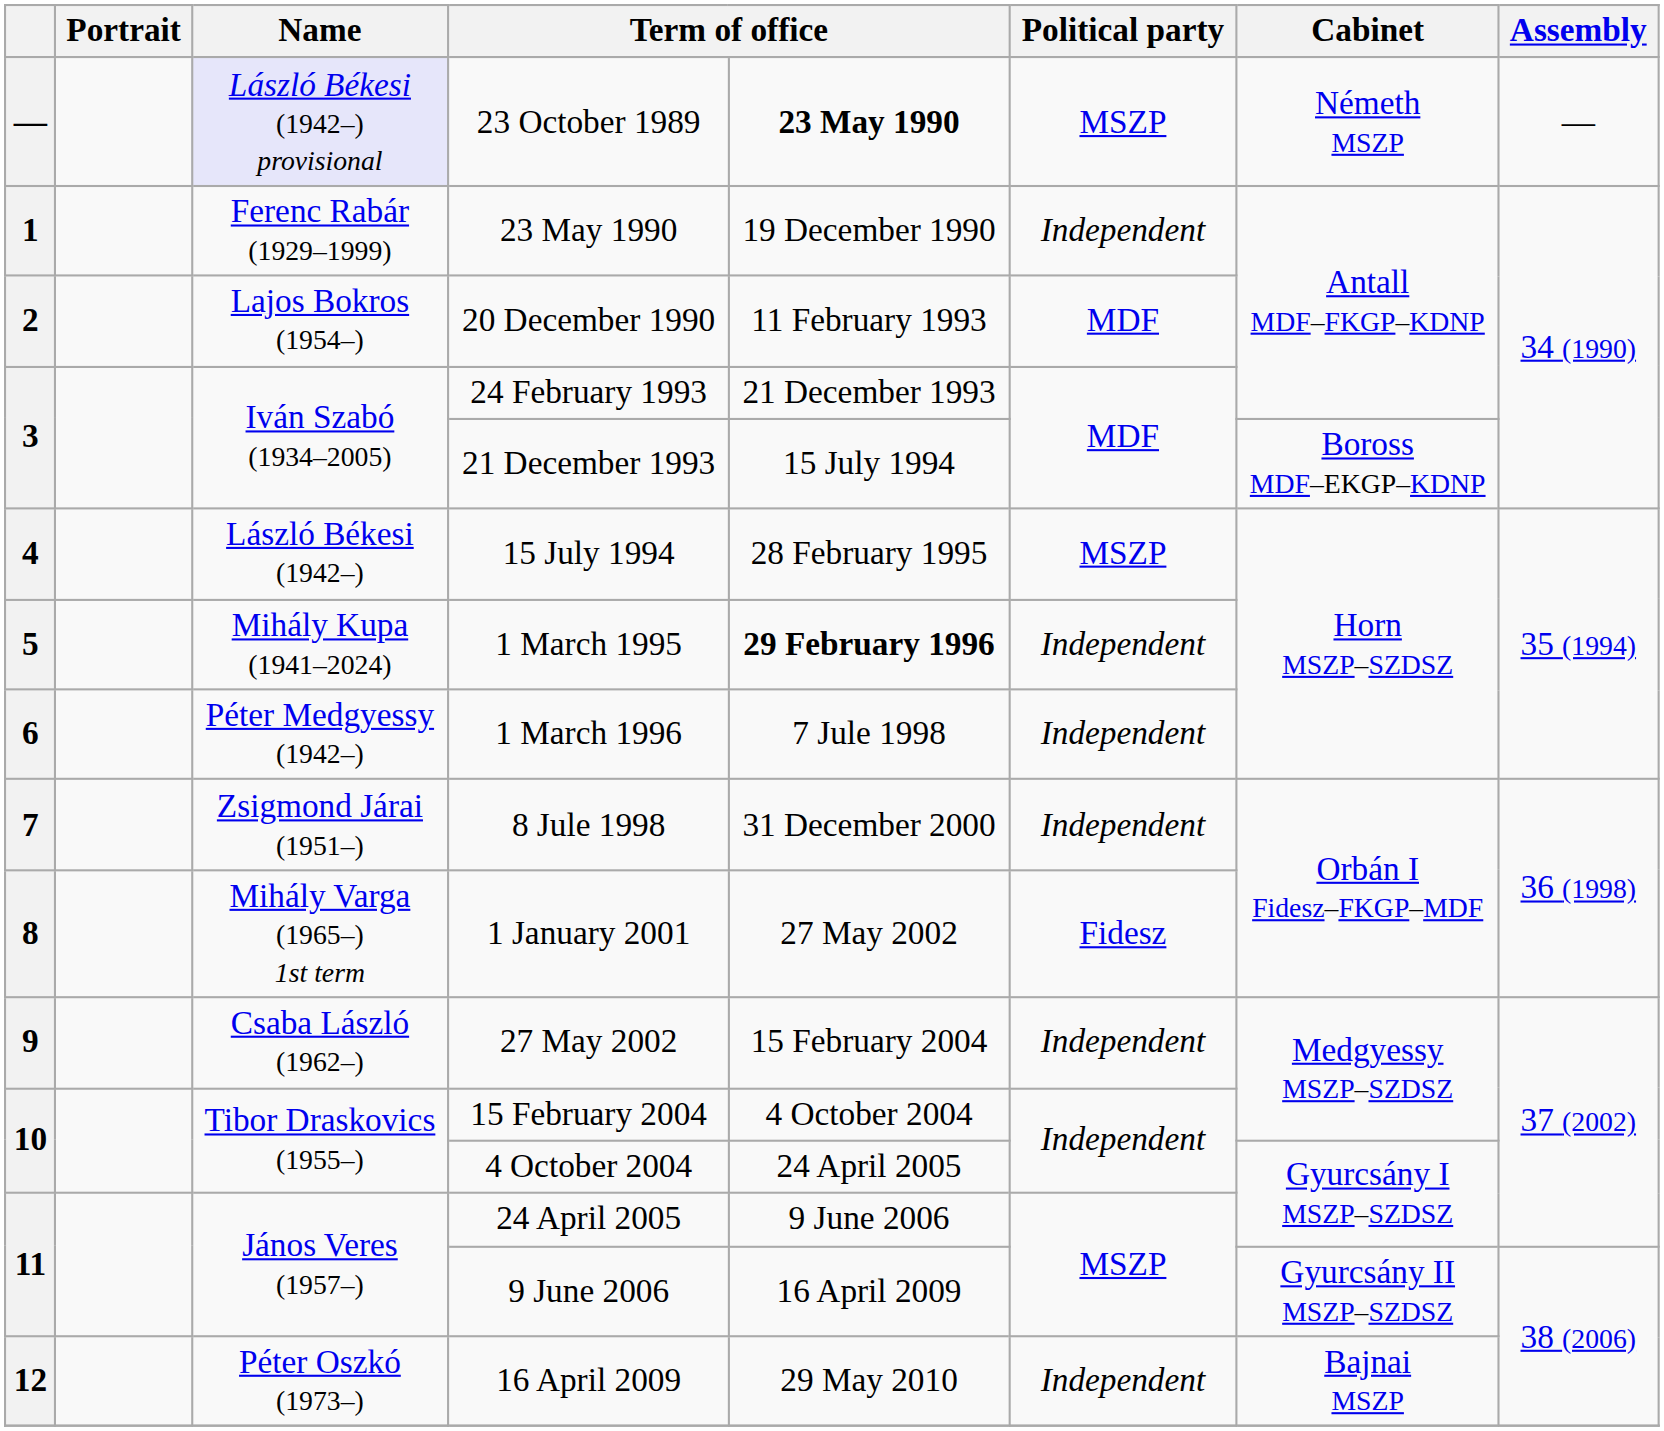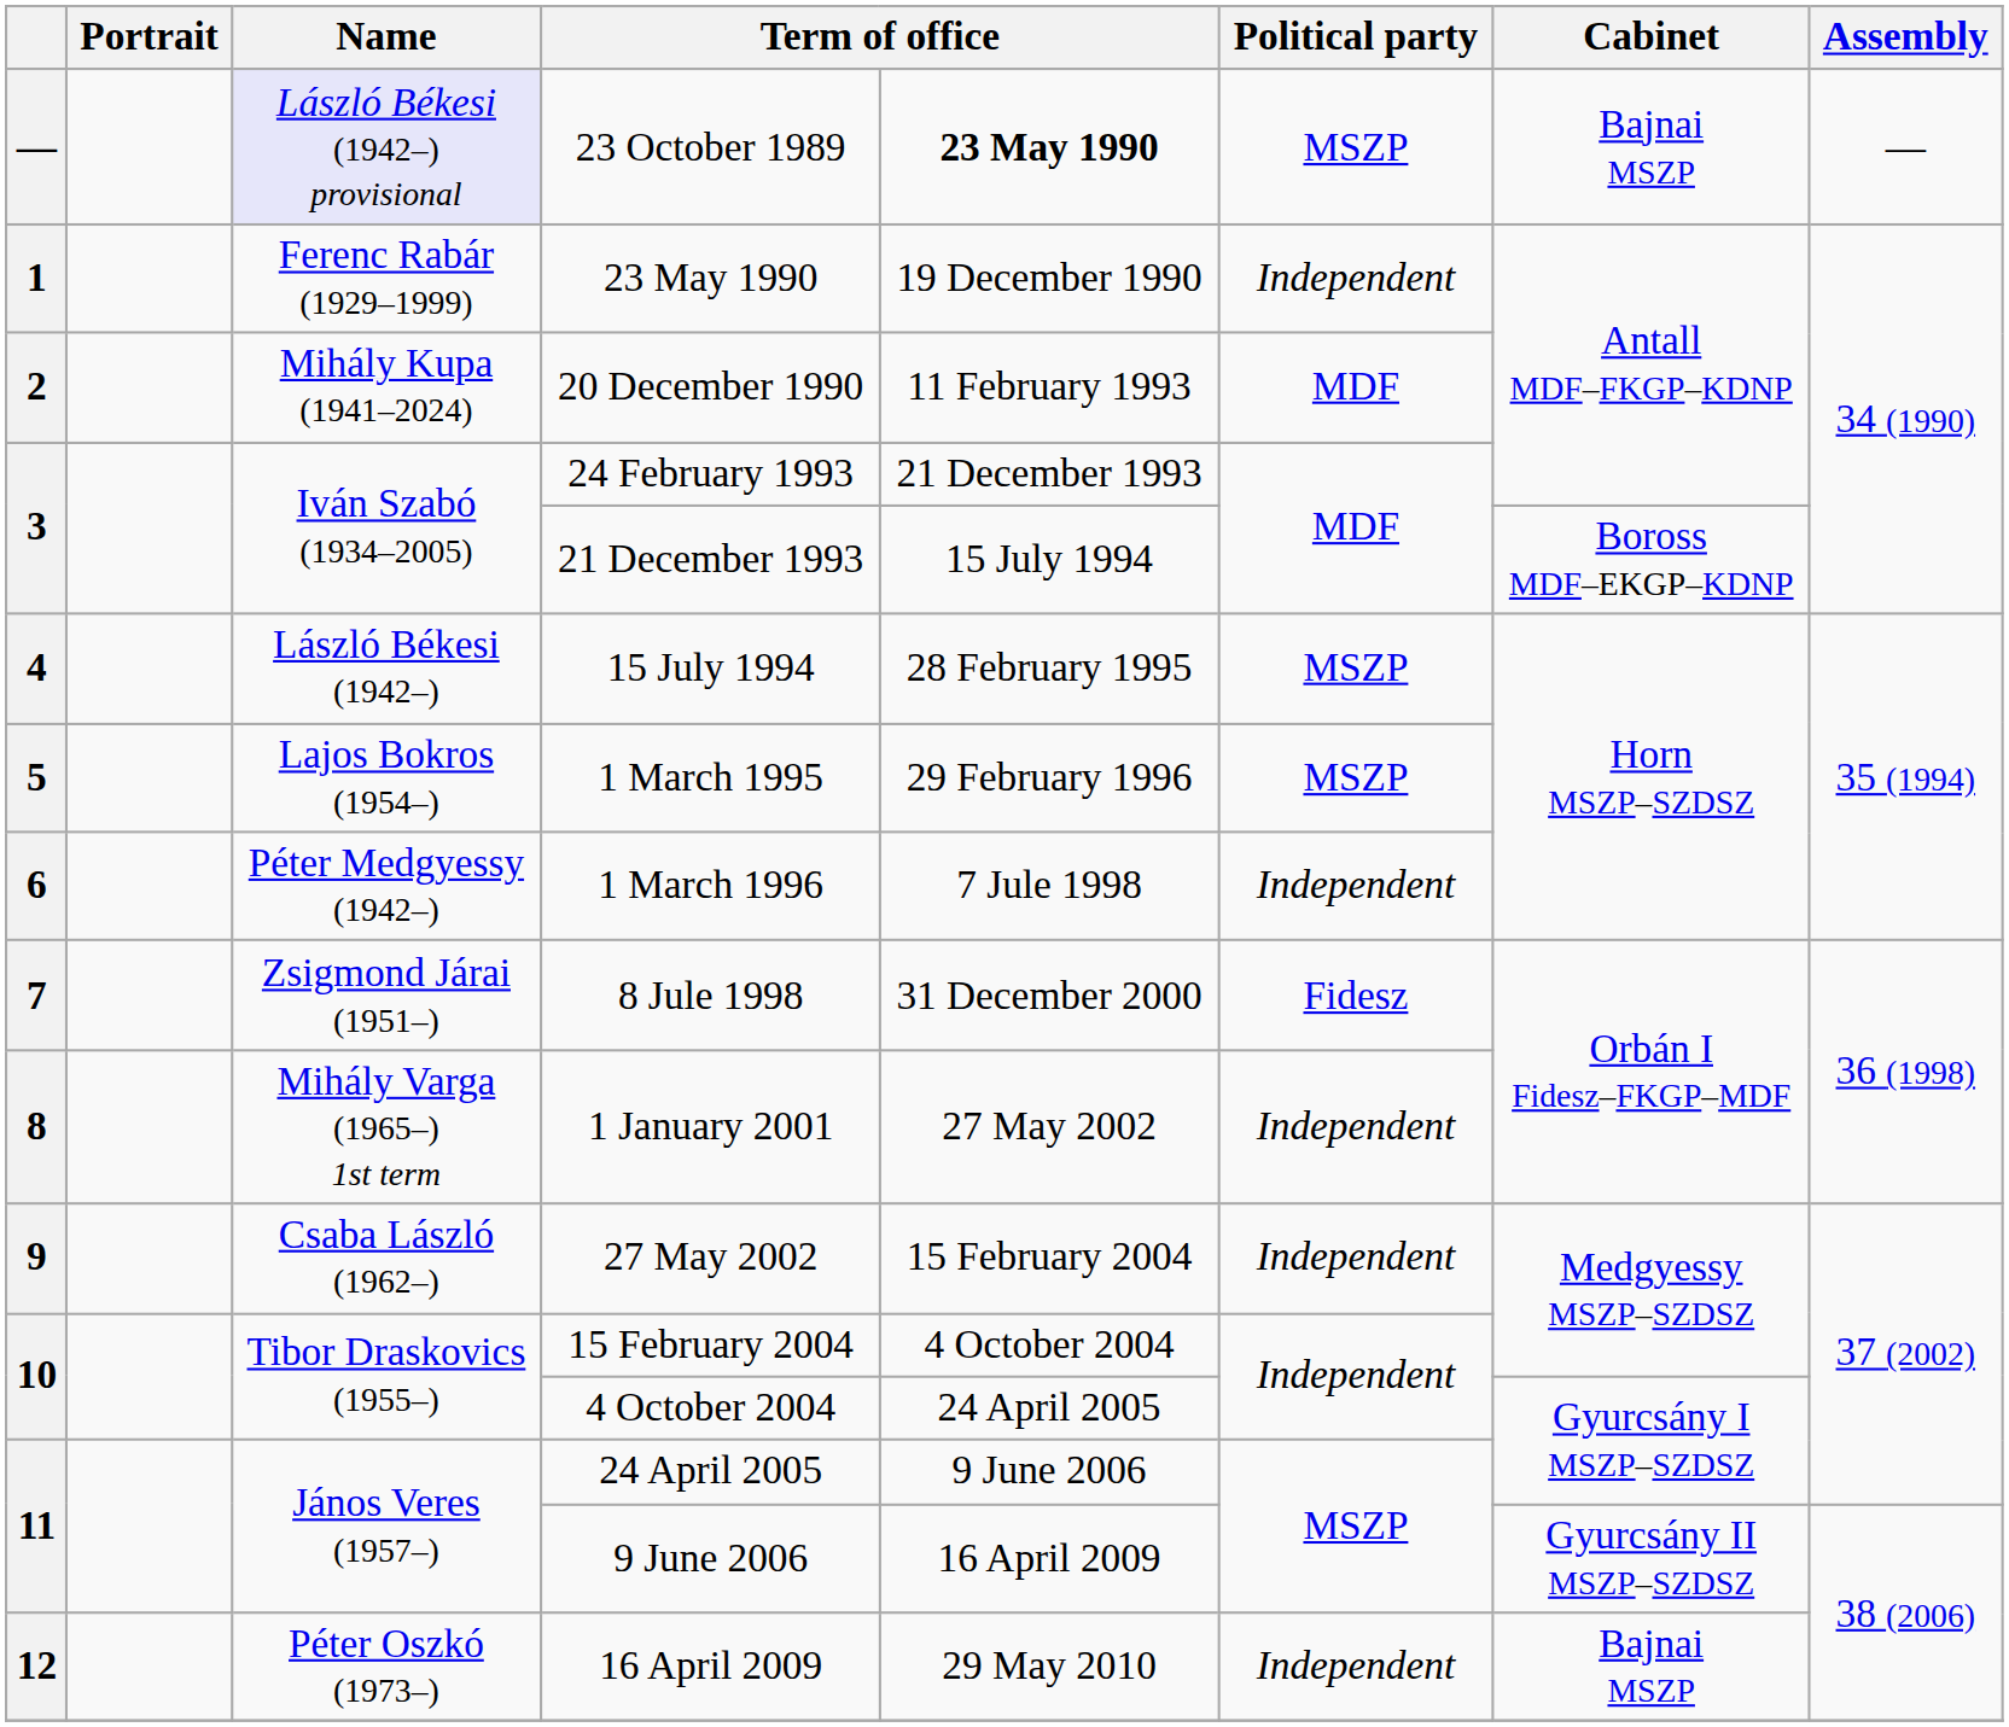 <table class="wikitable" style="width:90%; text-align:center;">
 <tr>
 <th></th>
 <th>Portrait</th>
 <th>Name<br></th>
 <th colspan=2>Term of office</th>
 <th>Political party</th>
 <th>Cabinet</th>
 <th><a href='#'>Assembly</a><br></th>
 </tr>
 <tr>
 <th style="background:">—</th>
 <td></td>
 <td style="background: lavender;"><em><a href='#'>László Békesi</a></em><br><small>(1942–)<br><em>provisional</em></small></td>
 <td>23 October 1989</td>
 <td><strong>23 May 1990</strong></td>
 <td><a href='#'>MSZP</a></td>
-<td><a href='#'>Németh</a><br><small><a href='#'>MSZP</a></small></td>
+<td><a href='#'>Bajnai</a><br><small><a href='#'>MSZP</a></small></td>
 <td>—</td>
 </tr>
 <tr>
 <th style="background:">1</th>
 <td></td>
 <td><a href='#'>Ferenc Rabár</a><br><small>(1929–1999)</small></td>
 <td>23 May 1990</td>
 <td>19 December 1990</td>
 <td><em>Independent</em></td>
 <td rowspan="3"><a href='#'>Antall</a><br><small><a href='#'>MDF</a>–<a href='#'>FKGP</a>–<a href='#'>KDNP</a></small></td>
 <td rowspan="4"><a href='#'>34 <small>(1990)</small></a></td>
 </tr>
 <tr>
 <th style="background:">2</th>
 <td></td>
-<td><a href='#'>Lajos Bokros</a><br><small>(1954–)</small></td>
+<td><a href='#'>Mihály Kupa</a><br><small>(1941–2024)</small></td>
 <td>20 December 1990</td>
 <td>11 February 1993</td>
 <td><a href='#'>MDF</a></td>
 </tr>
 <tr>
 <th rowspan="2" style="background:">3</th>
 <td rowspan="2"></td>
 <td rowspan="2"><a href='#'>Iván Szabó</a><br><small>(1934–2005)</small></td>
 <td>24 February 1993</td>
 <td>21 December 1993</td>
 <td rowspan="2"><a href='#'>MDF</a></td>
 </tr>
 <tr>
 <td>21 December 1993</td>
 <td>15 July 1994</td>
 <td><a href='#'>Boross</a><br><small><a href='#'>MDF</a>–EKGP–<a href='#'>KDNP</a></small></td>
 </tr>
 <tr>
 <th style="background:">4</th>
 <td></td>
 <td><a href='#'>László Békesi</a><br><small>(1942–)</small></td>
 <td>15 July 1994</td>
 <td>28 February 1995</td>
 <td><a href='#'>MSZP</a></td>
 <td rowspan="3"><a href='#'>Horn</a><br><small><a href='#'>MSZP</a>–<a href='#'>SZDSZ</a></small></td>
 <td rowspan="3"><a href='#'>35 <small>(1994)</small></a></td>
 </tr>
 <tr>
 <th style="background:">5</th>
 <td></td>
-<td><a href='#'>Mihály Kupa</a><br><small>(1941–2024)</small></td>
+<td><a href='#'>Lajos Bokros</a><br><small>(1954–)</small></td>
 <td>1 March 1995</td>
-<td><strong>29 February 1996</strong></td>
-<td><em>Independent</em></td>
+<td>29 February 1996</td>
+<td><a href='#'>MSZP</a></td>
 </tr>
 <tr>
 <th style="background:">6</th>
 <td></td>
 <td><a href='#'>Péter Medgyessy</a><br><small>(1942–)</small></td>
 <td>1 March 1996</td>
 <td>7 Jule 1998</td>
 <td><em>Independent</em></td>
 </tr>
 <tr>
 <th style="background:">7</th>
 <td></td>
 <td><a href='#'>Zsigmond Járai</a><br><small>(1951–)</small></td>
 <td>8 Jule 1998</td>
 <td>31 December 2000</td>
-<td><em>Independent</em></td>
+<td><a href='#'>Fidesz</a></td>
 <td rowspan="2"><a href='#'>Orbán I</a><br><small><a href='#'>Fidesz</a>–<a href='#'>FKGP</a>–<a href='#'>MDF</a></small></td>
 <td rowspan="2"><a href='#'>36 <small>(1998)</small></a></td>
 </tr>
 <tr>
 <th style="background:">8</th>
 <td></td>
 <td><a href='#'>Mihály Varga</a><br><small>(1965–)<br><em>1st term</em></small></td>
 <td>1 January 2001</td>
 <td>27 May 2002</td>
-<td><a href='#'>Fidesz</a></td>
+<td><em>Independent</em></td>
 </tr>
 <tr>
 <th style="background:">9</th>
 <td></td>
 <td><a href='#'>Csaba László</a><br><small>(1962–)</small></td>
 <td>27 May 2002</td>
 <td>15 February 2004</td>
 <td><em>Independent</em></td>
 <td rowspan="2"><a href='#'>Medgyessy</a><br><small><a href='#'>MSZP</a>–<a href='#'>SZDSZ</a></small></td>
 <td rowspan="4"><a href='#'>37 <small>(2002)</small></a></td>
 </tr>
 <tr>
 <th rowspan="2" style="background:">10</th>
 <td rowspan="2"></td>
 <td rowspan="2"><a href='#'>Tibor Draskovics</a><br><small>(1955–)</small></td>
 <td>15 February 2004</td>
 <td>4 October 2004</td>
 <td rowspan="2"><em>Independent</em></td>
 </tr>
 <tr>
 <td>4 October 2004</td>
 <td>24 April 2005</td>
 <td rowspan="2"><a href='#'>Gyurcsány I</a><br><small><a href='#'>MSZP</a>–<a href='#'>SZDSZ</a></small></td>
 </tr>
 <tr>
 <th rowspan="2" style="background:">11</th>
 <td rowspan="2"></td>
 <td rowspan="2"><a href='#'>János Veres</a><br><small>(1957–)</small></td>
 <td>24 April 2005</td>
 <td>9 June 2006</td>
 <td rowspan="2"><a href='#'>MSZP</a></td>
 </tr>
 <tr>
 <td>9 June 2006</td>
 <td>16 April 2009</td>
 <td><a href='#'>Gyurcsány II</a><br><small><a href='#'>MSZP</a>–<a href='#'>SZDSZ</a></small></td>
 <td rowspan="2"><a href='#'>38 <small>(2006)</small></a></td>
 </tr>
 <tr>
 <th style="background:">12</th>
 <td></td>
 <td><a href='#'>Péter Oszkó</a><br><small>(1973–)</small></td>
 <td>16 April 2009</td>
 <td>29 May 2010</td>
 <td><em>Independent</em></td>
 <td><a href='#'>Bajnai</a><br><small><a href='#'>MSZP</a></small></td>
 </tr>
 <tr>
 </tr>
 </table>
